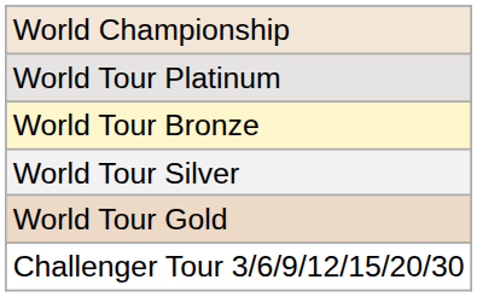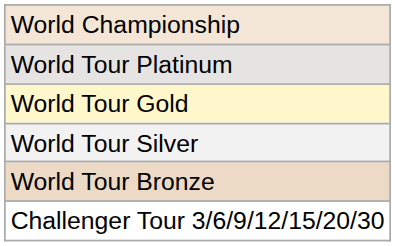 <table class=wikitable style=float:left;font-size:90%>
 <tr style="background:#F3E6D7;">
 <td>World Championship</td>
 </tr>
 <tr style="background:#E5E4E2;">
 <td>World Tour Platinum</td>
 </tr>
 <tr style="background:#fff7cc;">
-<td>World Tour Bronze</td>
+<td>World Tour Gold</td>
 </tr>
 <tr style="background:#f2f2f2;">
 <td>World Tour Silver</td>
 </tr>
 <tr style="background:#ecd9c6;">
-<td>World Tour Gold</td>
+<td>World Tour Bronze</td>
 </tr>
 <tr style="background:#fff;">
 <td>Challenger Tour 3/6/9/12/15/20/30</td>
 </tr>
 </table>
